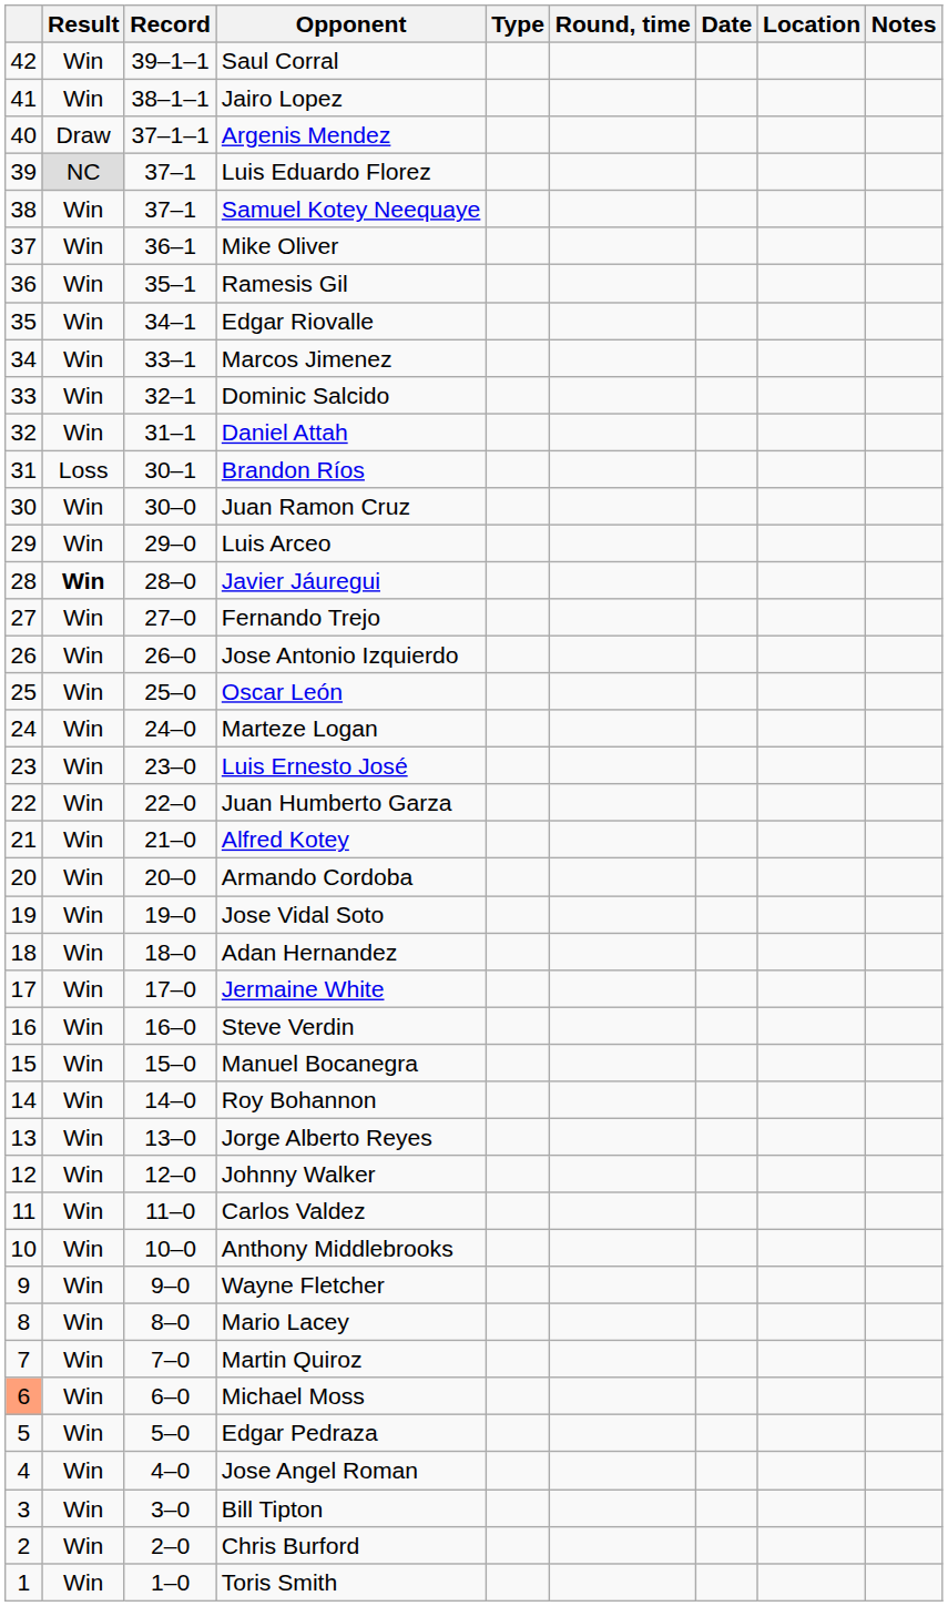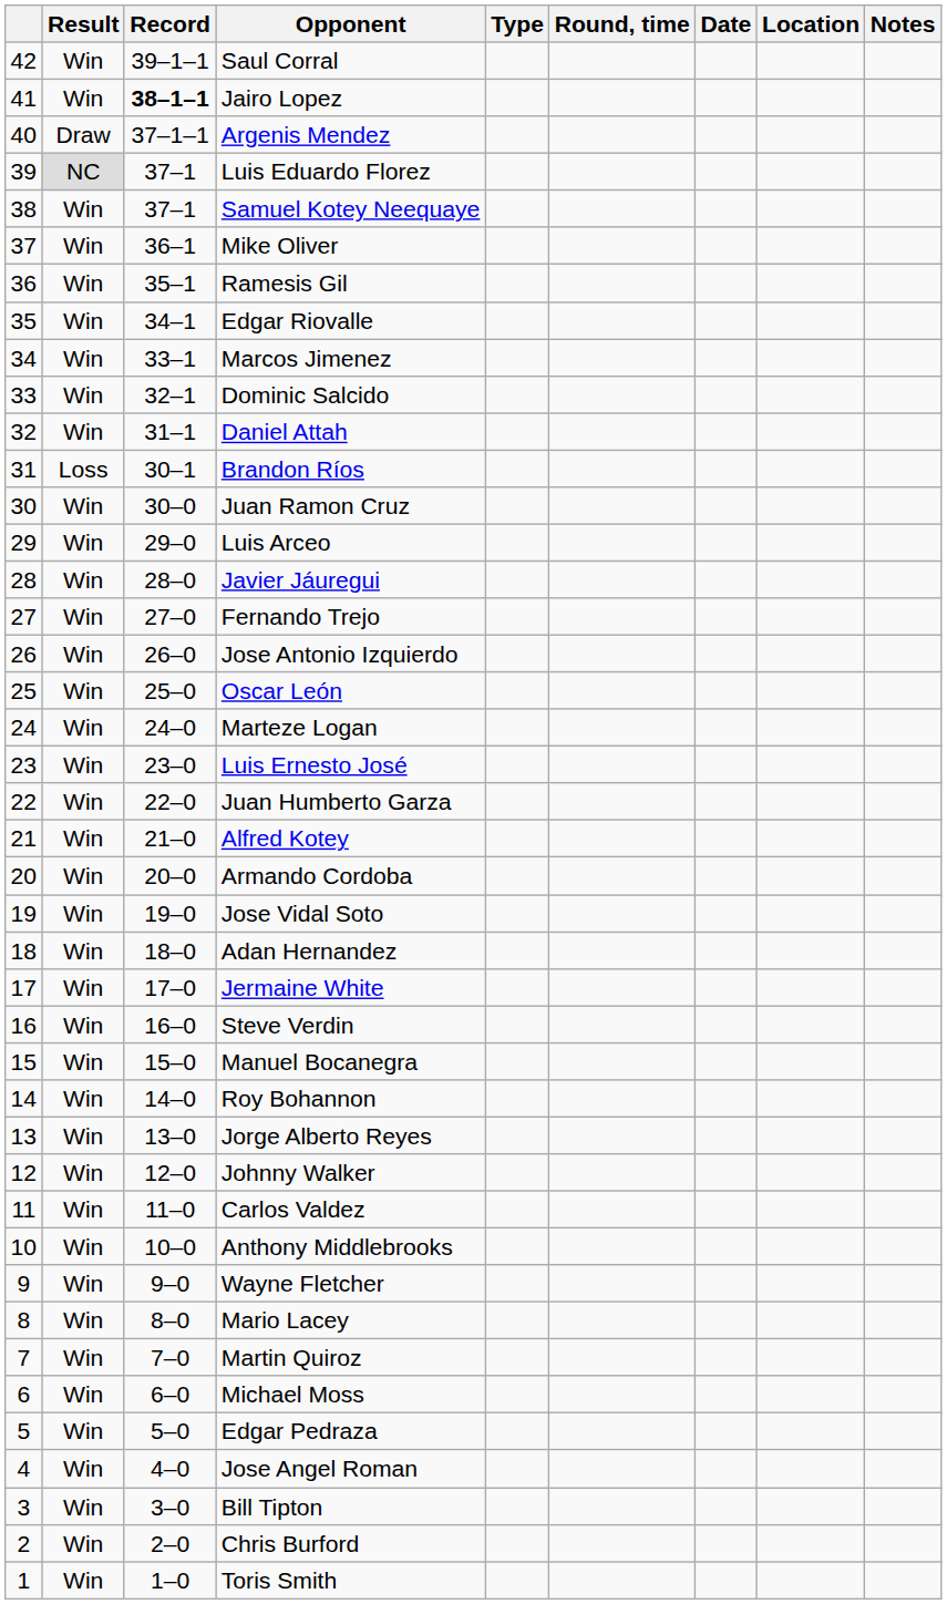 <table class="wikitable" style="text-align:center; font-size:95%">
 <tr>
 <th></th>
 <th>Result</th>
 <th>Record</th>
 <th>Opponent</th>
 <th>Type</th>
 <th>Round, time</th>
 <th>Date</th>
 <th>Location</th>
 <th>Notes</th>
 </tr>
 <tr>
 <td>42</td>
 <td>Win</td>
 <td>39–1–1 </td>
 <td align=left> Saul Corral</td>
 <td></td>
 <td></td>
 <td></td>
 <td align=left> </td>
 <td align=left></td>
 </tr>
 <tr>
 <td>41</td>
 <td>Win</td>
-<td>38–1–1 </td>
+<td><strong>38–1–1 </strong></td>
 <td align=left> Jairo Lopez</td>
 <td></td>
 <td></td>
 <td></td>
 <td align=left> </td>
 <td align=left></td>
 </tr>
 <tr>
 <td>40</td>
 <td>Draw</td>
 <td>37–1–1 </td>
 <td align=left> <a href='#'>Argenis Mendez</a></td>
 <td></td>
 <td></td>
 <td></td>
 <td align=left> </td>
 <td align=left></td>
 </tr>
 <tr>
 <td>39</td>
 <td style="background:#ddd;">NC</td>
 <td>37–1 </td>
 <td align=left> Luis Eduardo Florez</td>
 <td></td>
 <td></td>
 <td></td>
 <td align=left> </td>
 <td align=left></td>
 </tr>
 <tr>
 <td>38</td>
 <td>Win</td>
 <td>37–1</td>
 <td align=left> <a href='#'>Samuel Kotey Neequaye</a></td>
 <td></td>
 <td></td>
 <td></td>
 <td align=left> </td>
 <td align=left></td>
 </tr>
 <tr>
 <td>37</td>
 <td>Win</td>
 <td>36–1</td>
 <td align=left> Mike Oliver</td>
 <td></td>
 <td></td>
 <td></td>
 <td align=left> </td>
 <td align=left></td>
 </tr>
 <tr>
 <td>36</td>
 <td>Win</td>
 <td>35–1</td>
 <td align=left> Ramesis Gil</td>
 <td></td>
 <td></td>
 <td></td>
 <td align=left> </td>
 <td align=left></td>
 </tr>
 <tr>
 <td>35</td>
 <td>Win</td>
 <td>34–1</td>
 <td align=left> Edgar Riovalle</td>
 <td></td>
 <td></td>
 <td></td>
 <td align=left> </td>
 <td align=left></td>
 </tr>
 <tr>
 <td>34</td>
 <td>Win</td>
 <td>33–1</td>
 <td align=left> Marcos Jimenez</td>
 <td></td>
 <td></td>
 <td></td>
 <td align=left> </td>
 <td align=left></td>
 </tr>
 <tr>
 <td>33</td>
 <td>Win</td>
 <td>32–1</td>
 <td align=left> Dominic Salcido</td>
 <td></td>
 <td></td>
 <td></td>
 <td align=left> </td>
 <td align=left></td>
 </tr>
 <tr>
 <td>32</td>
 <td>Win</td>
 <td>31–1</td>
 <td align=left> <a href='#'>Daniel Attah</a></td>
 <td></td>
 <td></td>
 <td></td>
 <td align=left> </td>
 <td align=left></td>
 </tr>
 <tr>
 <td>31</td>
 <td>Loss</td>
 <td>30–1</td>
 <td align=left> <a href='#'>Brandon Ríos</a></td>
 <td></td>
 <td></td>
 <td></td>
 <td align=left> </td>
 <td align=left></td>
 </tr>
 <tr>
 <td>30</td>
 <td>Win</td>
 <td>30–0</td>
 <td align=left> Juan Ramon Cruz</td>
 <td></td>
 <td></td>
 <td></td>
 <td align=left> </td>
 <td align=left></td>
 </tr>
 <tr>
 <td>29</td>
 <td>Win</td>
 <td>29–0</td>
 <td align=left> Luis Arceo</td>
 <td></td>
 <td></td>
 <td></td>
 <td align=left> </td>
 <td align=left></td>
 </tr>
 <tr>
 <td>28</td>
-<td><strong>Win</strong></td>
+<td>Win</td>
 <td>28–0</td>
 <td align=left> <a href='#'>Javier Jáuregui</a></td>
 <td></td>
 <td></td>
 <td></td>
 <td align=left> </td>
 <td align=left></td>
 </tr>
 <tr>
 <td>27</td>
 <td>Win</td>
 <td>27–0</td>
 <td align=left> Fernando Trejo</td>
 <td></td>
 <td></td>
 <td></td>
 <td align=left> </td>
 <td align=left></td>
 </tr>
 <tr>
 <td>26</td>
 <td>Win</td>
 <td>26–0</td>
 <td align=left> Jose Antonio Izquierdo</td>
 <td></td>
 <td></td>
 <td></td>
 <td align=left> </td>
 <td align=left></td>
 </tr>
 <tr>
 <td>25</td>
 <td>Win</td>
 <td>25–0</td>
 <td align=left> <a href='#'>Oscar León</a></td>
 <td></td>
 <td></td>
 <td></td>
 <td align=left> </td>
 <td align=left></td>
 </tr>
 <tr>
 <td>24</td>
 <td>Win</td>
 <td>24–0</td>
 <td align=left> Marteze Logan</td>
 <td></td>
 <td></td>
 <td></td>
 <td align=left> </td>
 <td align=left></td>
 </tr>
 <tr>
 <td>23</td>
 <td>Win</td>
 <td>23–0</td>
 <td align=left> <a href='#'>Luis Ernesto José</a></td>
 <td></td>
 <td></td>
 <td></td>
 <td align=left> </td>
 <td align=left></td>
 </tr>
 <tr>
 <td>22</td>
 <td>Win</td>
 <td>22–0</td>
 <td align=left> Juan Humberto Garza</td>
 <td></td>
 <td></td>
 <td></td>
 <td align=left> </td>
 <td align=left></td>
 </tr>
 <tr>
 <td>21</td>
 <td>Win</td>
 <td>21–0</td>
 <td align=left> <a href='#'>Alfred Kotey</a></td>
 <td></td>
 <td></td>
 <td></td>
 <td align=left> </td>
 <td align=left></td>
 </tr>
 <tr>
 <td>20</td>
 <td>Win</td>
 <td>20–0</td>
 <td align=left> Armando Cordoba</td>
 <td></td>
 <td></td>
 <td></td>
 <td align=left> </td>
 <td align=left></td>
 </tr>
 <tr>
 <td>19</td>
 <td>Win</td>
 <td>19–0</td>
 <td align=left> Jose Vidal Soto</td>
 <td></td>
 <td></td>
 <td></td>
 <td align=left> </td>
 <td align=left></td>
 </tr>
 <tr>
 <td>18</td>
 <td>Win</td>
 <td>18–0</td>
 <td align=left> Adan Hernandez</td>
 <td></td>
 <td></td>
 <td></td>
 <td align=left> </td>
 <td align=left></td>
 </tr>
 <tr>
 <td>17</td>
 <td>Win</td>
 <td>17–0</td>
 <td align=left> <a href='#'>Jermaine White</a></td>
 <td></td>
 <td></td>
 <td></td>
 <td align=left> </td>
 <td align=left></td>
 </tr>
 <tr>
 <td>16</td>
 <td>Win</td>
 <td>16–0</td>
 <td align=left> Steve Verdin</td>
 <td></td>
 <td></td>
 <td></td>
 <td align=left> </td>
 <td align=left></td>
 </tr>
 <tr>
 <td>15</td>
 <td>Win</td>
 <td>15–0</td>
 <td align=left> Manuel Bocanegra</td>
 <td></td>
 <td></td>
 <td></td>
 <td align=left> </td>
 <td align=left></td>
 </tr>
 <tr>
 <td>14</td>
 <td>Win</td>
 <td>14–0</td>
 <td align=left> Roy Bohannon</td>
 <td></td>
 <td></td>
 <td></td>
 <td align=left> </td>
 <td align=left></td>
 </tr>
 <tr>
 <td>13</td>
 <td>Win</td>
 <td>13–0</td>
 <td align=left> Jorge Alberto Reyes</td>
 <td></td>
 <td></td>
 <td></td>
 <td align=left> </td>
 <td align=left></td>
 </tr>
 <tr>
 <td>12</td>
 <td>Win</td>
 <td>12–0</td>
 <td align=left> Johnny Walker</td>
 <td></td>
 <td></td>
 <td></td>
 <td align=left> </td>
 <td align=left></td>
 </tr>
 <tr>
 <td>11</td>
 <td>Win</td>
 <td>11–0</td>
 <td align=left> Carlos Valdez</td>
 <td></td>
 <td></td>
 <td></td>
 <td align=left> </td>
 <td align=left></td>
 </tr>
 <tr>
 <td>10</td>
 <td>Win</td>
 <td>10–0</td>
 <td align=left> Anthony Middlebrooks</td>
 <td></td>
 <td></td>
 <td></td>
 <td align=left> </td>
 <td align=left></td>
 </tr>
 <tr>
 <td>9</td>
 <td>Win</td>
 <td>9–0</td>
 <td align=left> Wayne Fletcher</td>
 <td></td>
 <td></td>
 <td></td>
 <td align=left> </td>
 <td align=left></td>
 </tr>
 <tr>
 <td>8</td>
 <td>Win</td>
 <td>8–0</td>
 <td align=left> Mario Lacey</td>
 <td></td>
 <td></td>
 <td></td>
 <td align=left> </td>
 <td align=left></td>
 </tr>
 <tr>
 <td>7</td>
 <td>Win</td>
 <td>7–0</td>
 <td align=left> Martin Quiroz</td>
 <td></td>
 <td></td>
 <td></td>
 <td align=left> </td>
 <td align=left></td>
 </tr>
 <tr>
-<td style="background: lightsalmon;">6</td>
+<td>6</td>
 <td>Win</td>
 <td>6–0</td>
 <td align=left> Michael Moss</td>
 <td></td>
 <td></td>
 <td></td>
 <td align=left> </td>
 <td align=left></td>
 </tr>
 <tr>
 <td>5</td>
 <td>Win</td>
 <td>5–0</td>
 <td align=left> Edgar Pedraza</td>
 <td></td>
 <td></td>
 <td></td>
 <td align=left> </td>
 <td align=left></td>
 </tr>
 <tr>
 <td>4</td>
 <td>Win</td>
 <td>4–0</td>
 <td align=left> Jose Angel Roman</td>
 <td></td>
 <td></td>
 <td></td>
 <td align=left> </td>
 <td align=left></td>
 </tr>
 <tr>
 <td>3</td>
 <td>Win</td>
 <td>3–0</td>
 <td align=left> Bill Tipton</td>
 <td></td>
 <td></td>
 <td></td>
 <td align=left> </td>
 <td align=left></td>
 </tr>
 <tr>
 <td>2</td>
 <td>Win</td>
 <td>2–0</td>
 <td align=left> Chris Burford</td>
 <td></td>
 <td></td>
 <td></td>
 <td align=left> </td>
 <td align=left></td>
 </tr>
 <tr>
 <td>1</td>
 <td>Win</td>
 <td>1–0</td>
 <td align=left> Toris Smith</td>
 <td></td>
 <td></td>
 <td></td>
 <td align=left> </td>
 <td align=left></td>
 </tr>
 </table>
